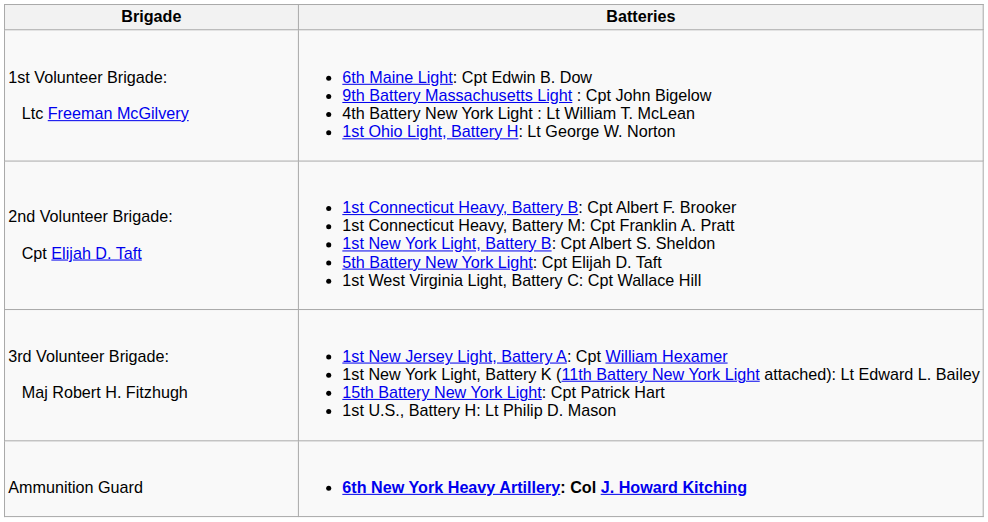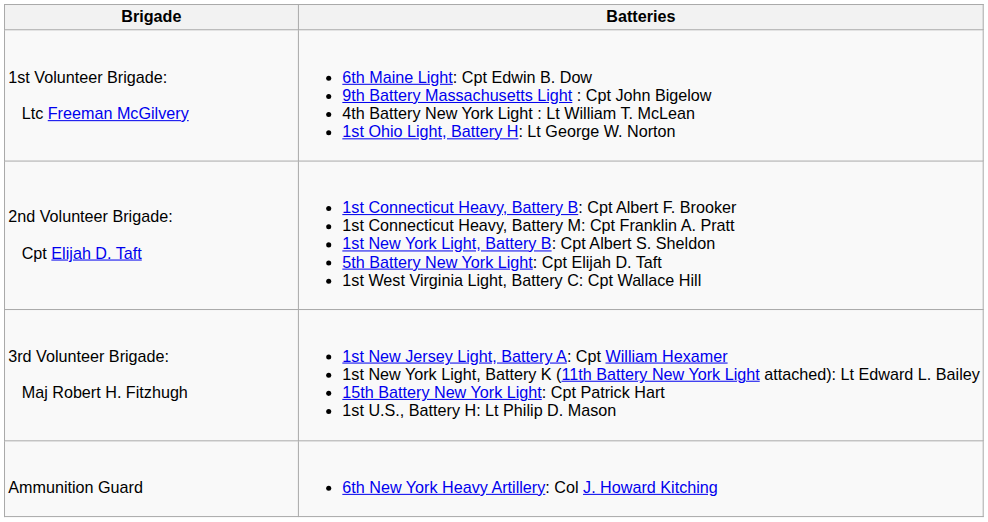 <table class="wikitable">
 <tr>
 <th width=30%>Brigade</th>
 <th>Batteries</th>
 </tr>
 <tr>
 <td>1st Volunteer Brigade:<br><br>   Ltc <a href='#'>Freeman McGilvery</a></td>
 <td><br><ul><li><a href='#'>6th Maine Light</a>: Cpt Edwin B. Dow</li><li><a href='#'>9th Battery Massachusetts Light</a> : Cpt John Bigelow</li><li>4th Battery New York Light : Lt William T. McLean</li><li><a href='#'>1st Ohio Light, Battery H</a>: Lt George W. Norton</li></ul></td>
 </tr>
 <tr>
 <td>2nd Volunteer Brigade:<br><br>   Cpt <a href='#'>Elijah D. Taft</a></td>
 <td><br><ul><li><a href='#'>1st Connecticut Heavy, Battery B</a>: Cpt Albert F. Brooker</li><li>1st Connecticut Heavy, Battery M: Cpt Franklin A. Pratt</li><li><a href='#'>1st New York Light, Battery B</a>: Cpt Albert S. Sheldon</li><li><a href='#'>5th Battery New York Light</a>: Cpt Elijah D. Taft</li><li>1st West Virginia Light, Battery C: Cpt Wallace Hill</li></ul></td>
 </tr>
 <tr>
 <td>3rd Volunteer Brigade:<br><br>   Maj Robert H. Fitzhugh</td>
 <td><br><ul><li><a href='#'>1st New Jersey Light, Battery A</a>: Cpt <a href='#'>William Hexamer</a></li><li>1st New York Light, Battery K (<a href='#'>11th Battery New York Light</a> attached): Lt Edward L. Bailey</li><li><a href='#'>15th Battery New York Light</a>: Cpt Patrick Hart</li><li>1st U.S., Battery H: Lt Philip D. Mason</li></ul></td>
 </tr>
 <tr>
 <td><br>Ammunition Guard</td>
-<td><strong><br><ul><li><a href='#'>6th New York Heavy Artillery</a>: Col <a href='#'>J. Howard Kitching</a></li></ul></strong></td>
+<td><br><ul><li><a href='#'>6th New York Heavy Artillery</a>: Col <a href='#'>J. Howard Kitching</a></li></ul></td>
 </tr>
 </table>
